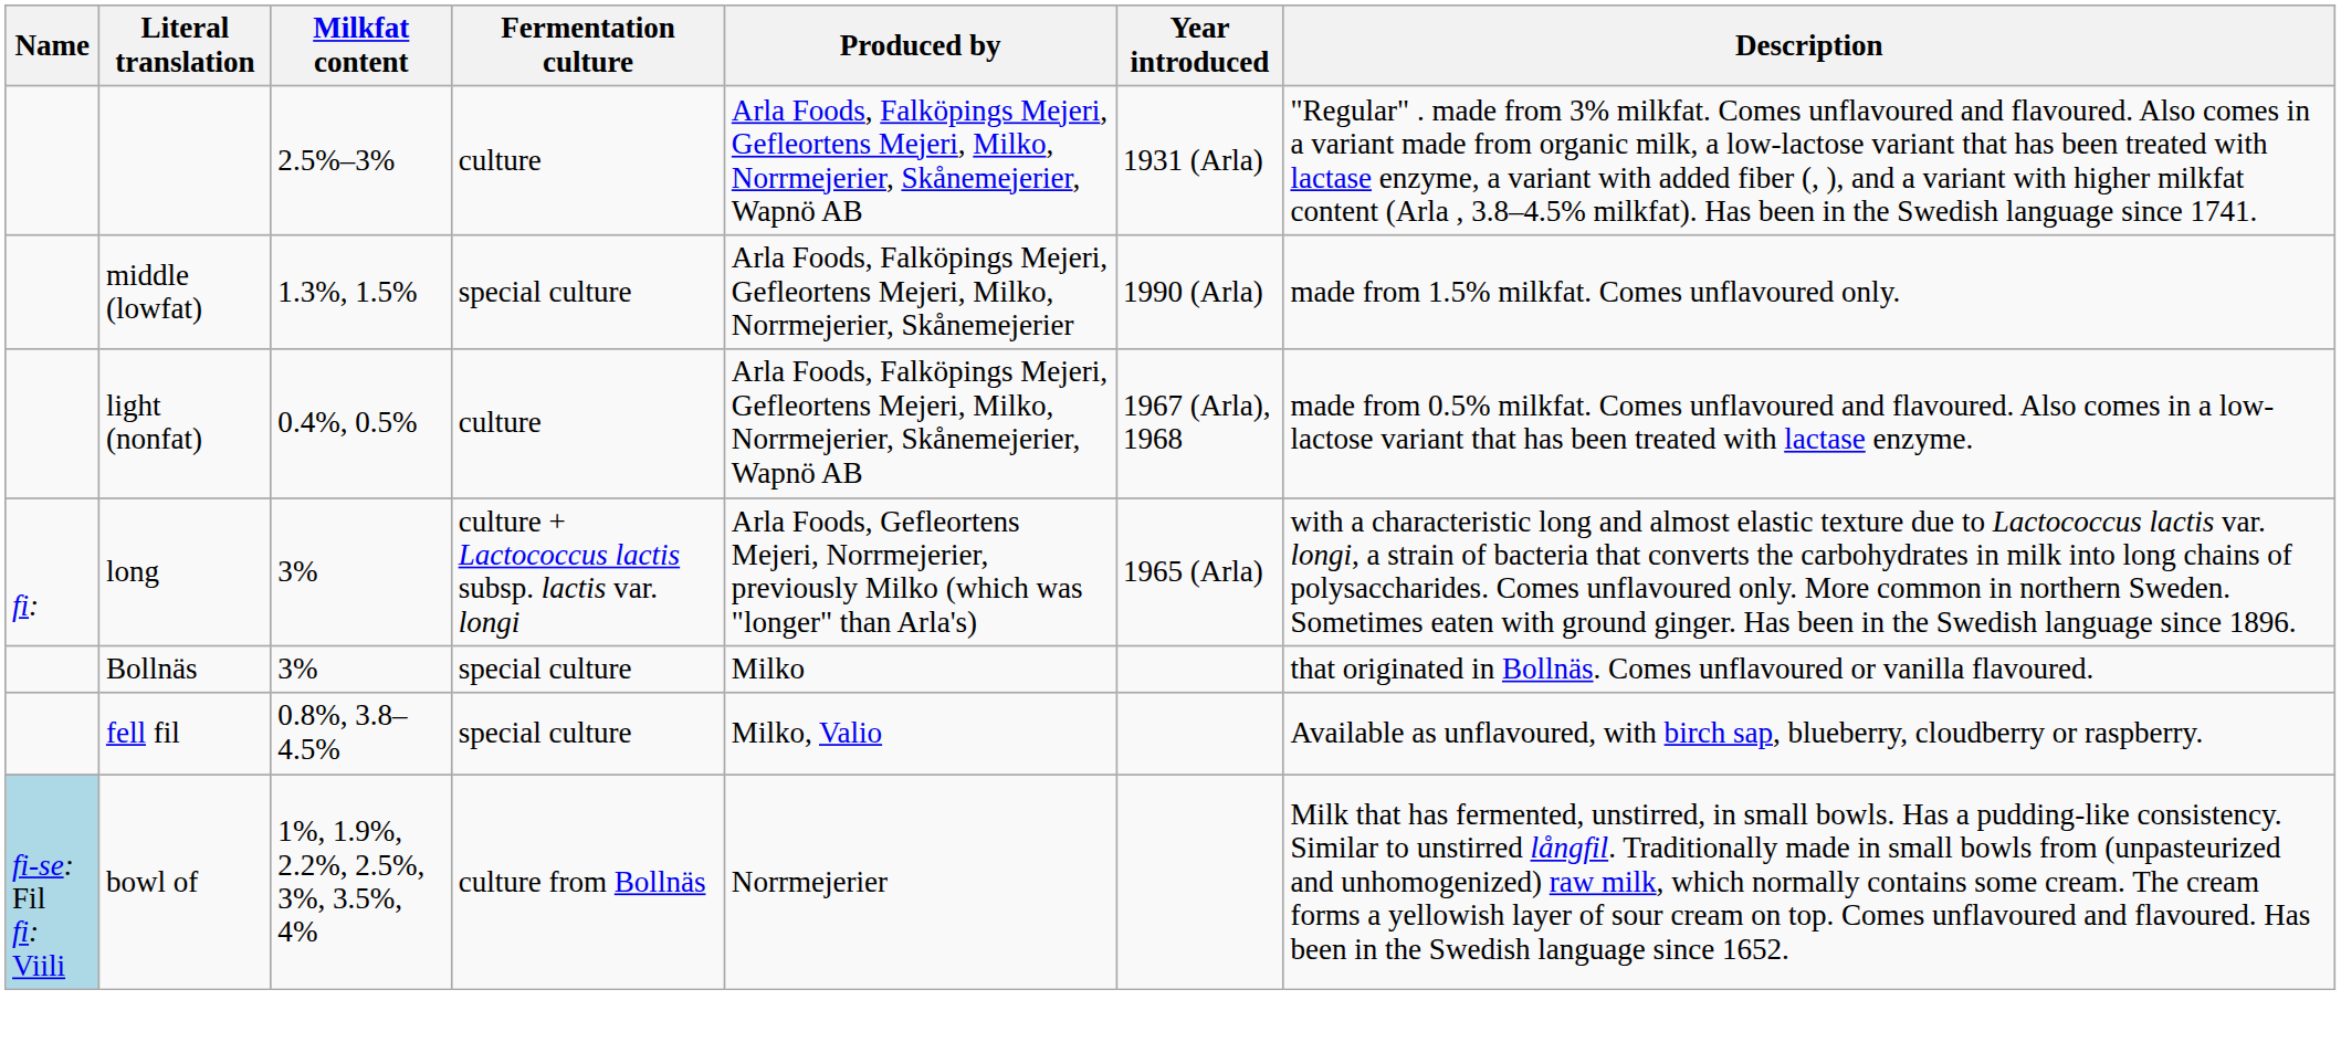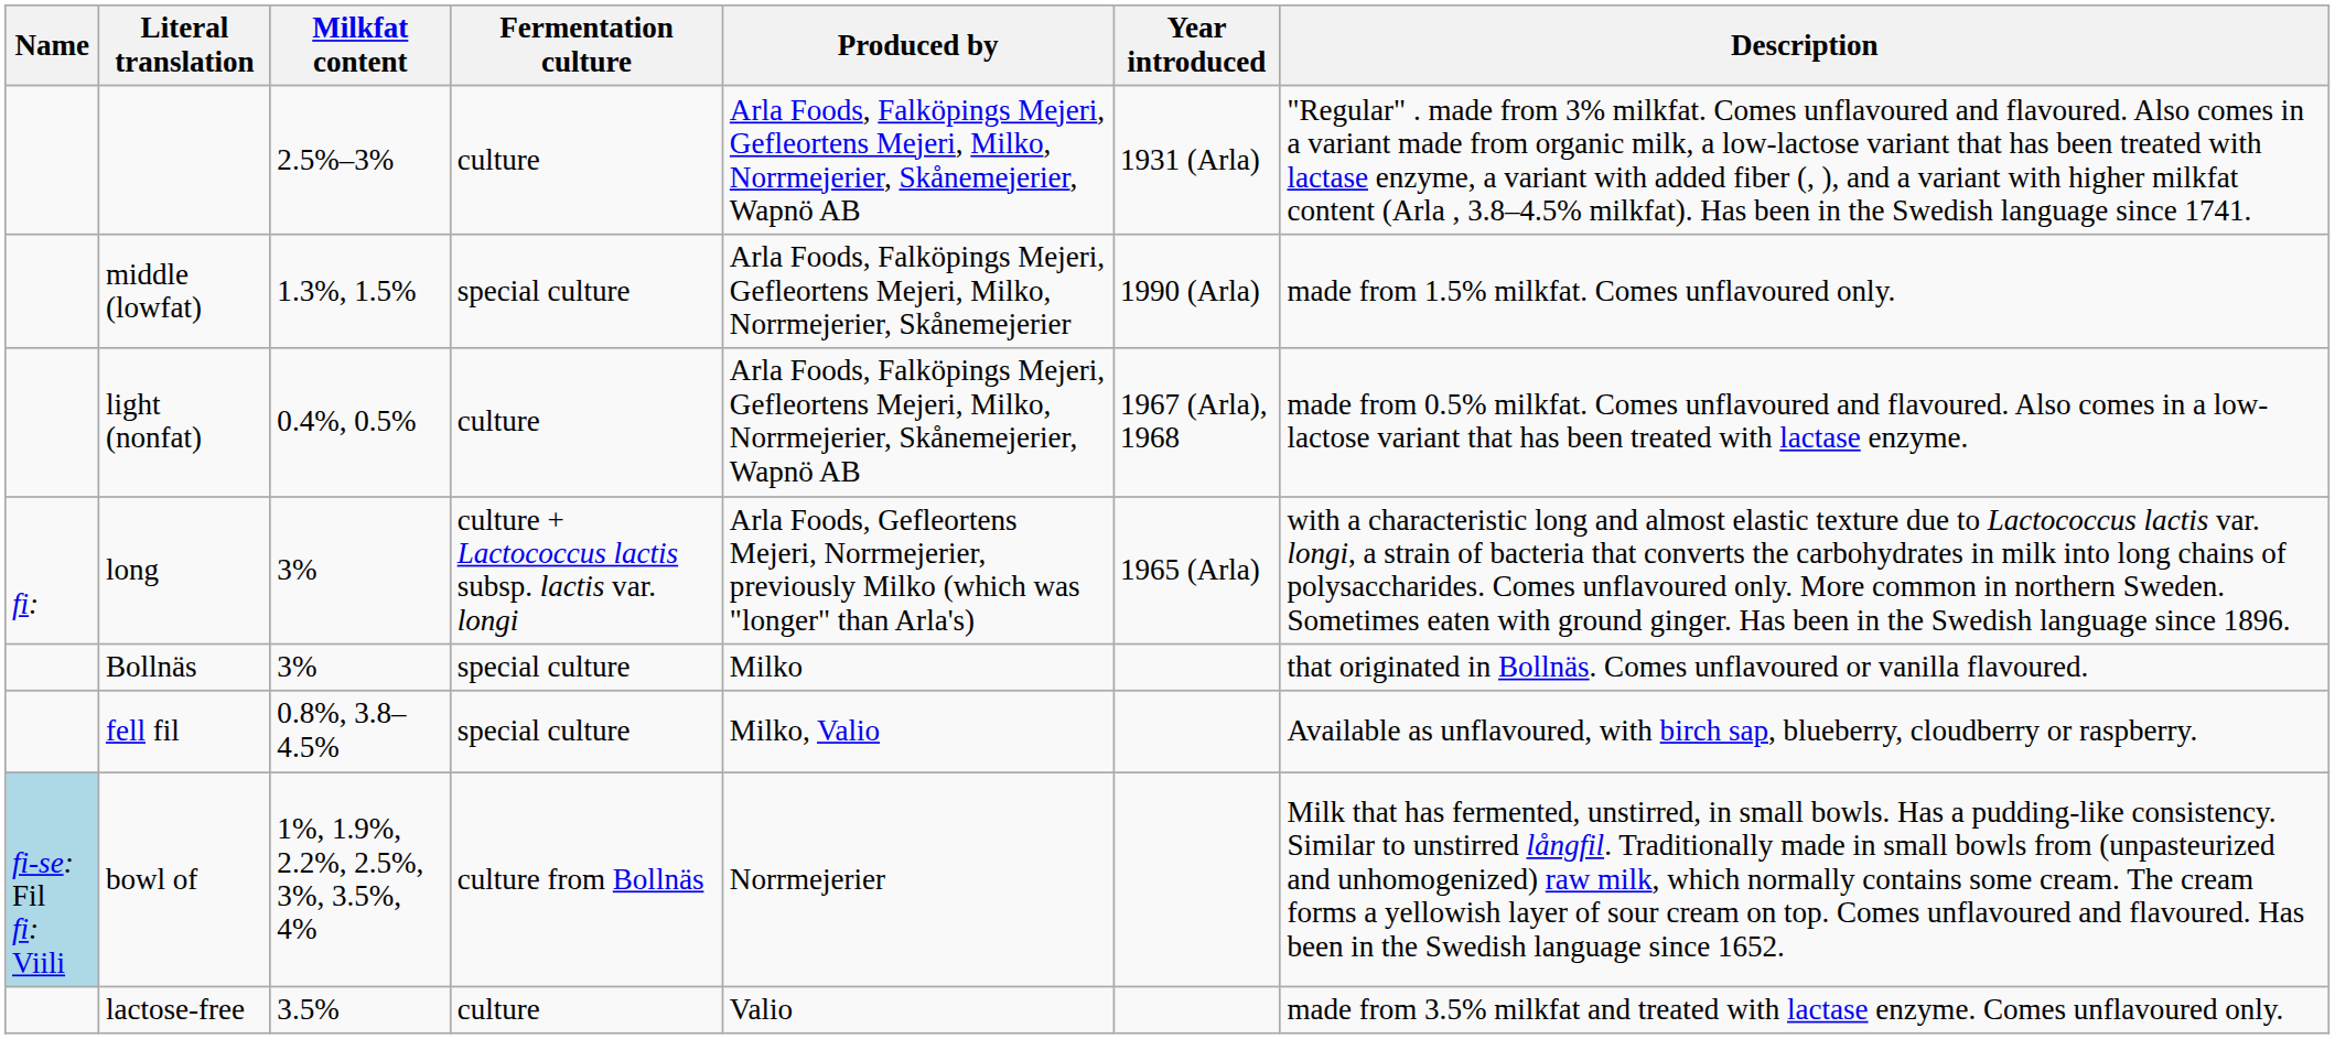 <table class="wikitable sortable">
 <tr>
 <th>Name</th>
 <th>Literal translation</th>
 <th><a href='#'>Milkfat</a> content</th>
 <th>Fermentation culture</th>
 <th>Produced by</th>
 <th>Year introduced</th>
 <th>Description</th>
 </tr>
 <tr>
 <td></td>
 <td></td>
 <td>2.5%–3%</td>
 <td> culture</td>
 <td><a href='#'>Arla Foods</a>, <a href='#'>Falköpings Mejeri</a>, <a href='#'>Gefleortens Mejeri</a>, <a href='#'>Milko</a>, <a href='#'>Norrmejerier</a>, <a href='#'>Skånemejerier</a>, Wapnö AB</td>
 <td>1931 (Arla)</td>
 <td>"Regular" .  made from 3% milkfat. Comes unflavoured and flavoured. Also comes in a variant made from organic milk, a low-lactose variant that has been treated with <a href='#'>lactase</a> enzyme, a variant with added fiber (, ), and a variant with higher milkfat content (Arla , 3.8–4.5% milkfat). Has been in the Swedish language since 1741.</td>
 </tr>
 <tr>
 <td></td>
 <td>middle (lowfat) </td>
 <td>1.3%, 1.5%</td>
 <td>special  culture</td>
 <td>Arla Foods, Falköpings Mejeri, Gefleortens Mejeri, Milko, Norrmejerier, Skånemejerier</td>
 <td>1990 (Arla)</td>
 <td> made from 1.5% milkfat. Comes unflavoured only.</td>
 </tr>
 <tr>
 <td></td>
 <td>light (nonfat) </td>
 <td>0.4%, 0.5%</td>
 <td> culture</td>
 <td>Arla Foods, Falköpings Mejeri, Gefleortens Mejeri, Milko, Norrmejerier, Skånemejerier, Wapnö AB</td>
 <td>1967 (Arla), 1968</td>
 <td> made from 0.5% milkfat. Comes unflavoured and flavoured. Also comes in a low-lactose variant that has been treated with <a href='#'>lactase</a> enzyme.</td>
 </tr>
 <tr>
 <td id="långfil"><br><br><em><a href='#'>fi</a>:</em> </td>
 <td>long </td>
 <td>3%</td>
 <td> culture + <em><a href='#'>Lactococcus lactis</a></em> subsp. <em>lactis</em> var. <em>longi</em></td>
 <td>Arla Foods, Gefleortens Mejeri, Norrmejerier, previously Milko (which was "longer" than Arla's)</td>
 <td>1965 (Arla)</td>
 <td> with a characteristic long and almost elastic texture due to <em>Lactococcus lactis</em> var. <em>longi</em>, a strain of bacteria that converts the carbohydrates in milk into long chains of polysaccharides. Comes unflavoured only. More common in northern Sweden. Sometimes eaten with ground ginger. Has been in the Swedish language since 1896.</td>
 </tr>
 <tr>
 <td></td>
 <td>Bollnäs </td>
 <td>3%</td>
 <td>special  culture</td>
 <td>Milko</td>
 <td></td>
 <td> that originated in <a href='#'>Bollnäs</a>. Comes unflavoured or vanilla flavoured.</td>
 </tr>
 <tr>
 <td></td>
 <td><a href='#'>fell</a> fil</td>
 <td>0.8%, 3.8–4.5%</td>
 <td>special  culture</td>
 <td>Milko, <a href='#'>Valio</a></td>
 <td></td>
 <td>Available as unflavoured, with <a href='#'>birch sap</a>, blueberry, cloudberry or raspberry.</td>
 </tr>
 <tr>
 <td id="filbunke" style="background: lightblue;"><br><br> <em><a href='#'>fi-se</a>:</em> Fil<br> <em><a href='#'>fi</a>:</em> <a href='#'>Viili</a></td>
 <td>bowl of </td>
 <td>1%, 1.9%, 2.2%, 2.5%, 3%, 3.5%, 4%</td>
 <td> culture from <a href='#'>Bollnäs</a></td>
 <td>Norrmejerier</td>
 <td></td>
 <td>Milk that has fermented, unstirred, in small bowls.  Has a pudding-like consistency. Similar to unstirred <a href='#'><em>långfil</em></a>. Traditionally made in small bowls from (unpasteurized and unhomogenized) <a href='#'>raw milk</a>, which normally contains some cream. The cream forms a yellowish layer of sour cream on top. Comes unflavoured and flavoured. Has been in the Swedish language since 1652.</td>
 </tr>
+<tr>
+<td></td>
+<td>lactose-free </td>
+<td>3.5%</td>
+<td> culture</td>
+<td>Valio</td>
+<td></td>
+<td> made from 3.5% milkfat and treated with <a href='#'>lactase</a> enzyme. Comes unflavoured only.</td>
+</tr>
 </table>
